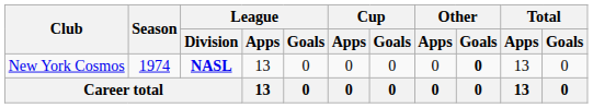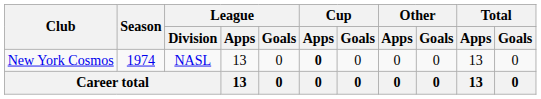 <table class="wikitable" style="text-align: center">
 <tr>
 <th rowspan="2">Club</th>
 <th rowspan="2">Season</th>
 <th colspan="3">League</th>
 <th colspan="2">Cup</th>
 <th colspan="2">Other</th>
 <th colspan="2">Total</th>
 </tr>
 <tr>
 <th>Division</th>
 <th>Apps</th>
 <th>Goals</th>
 <th>Apps</th>
 <th>Goals</th>
 <th>Apps</th>
 <th>Goals</th>
 <th>Apps</th>
 <th>Goals</th>
 </tr>
 <tr>
 <td><a href='#'>New York Cosmos</a></td>
 <td><a href='#'>1974</a></td>
-<td><strong><a href='#'>NASL</a></strong></td>
+<td><a href='#'>NASL</a></td>
 <td>13</td>
+<td>0</td>
+<td><strong>0</strong></td>
 <td>0</td>
 <td>0</td>
 <td>0</td>
-<td>0</td>
-<td><strong>0</strong></td>
 <td>13</td>
 <td>0</td>
 </tr>
 <tr>
 <th colspan="3"><strong>Career total</strong></th>
 <th>13</th>
 <th>0</th>
 <th>0</th>
 <th>0</th>
 <th>0</th>
 <th>0</th>
 <th>13</th>
 <th>0</th>
 </tr>
 </table>
